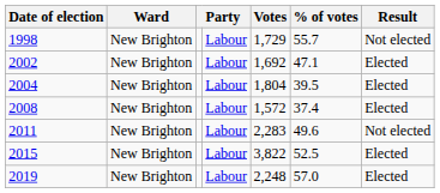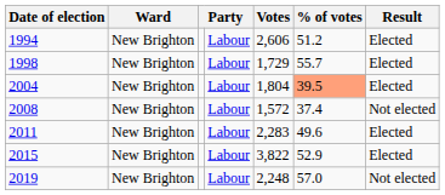 <table class="wikitable">
 <tr>
 <th>Date of election</th>
 <th>Ward</th>
 <th colspan="2">Party</th>
 <th>Votes</th>
 <th>% of votes</th>
 <th>Result</th>
 </tr>
 <tr>
+<td><a href='#'>1994</a></td>
+<td>New Brighton</td>
+<td style="background-color: "></td>
+<td><a href='#'>Labour</a></td>
+<td>2,606</td>
+<td>51.2</td>
+<td>Elected</td>
+</tr>
+<tr>
 <td><a href='#'>1998</a></td>
 <td>New Brighton</td>
 <td style="background-color: "></td>
 <td><a href='#'>Labour</a></td>
 <td>1,729</td>
 <td>55.7</td>
-<td>Not elected</td>
-</tr>
-<tr>
-<td><a href='#'>2002</a></td>
-<td>New Brighton</td>
-<td style="background-color: "></td>
-<td><a href='#'>Labour</a></td>
-<td>1,692</td>
-<td>47.1</td>
 <td>Elected</td>
 </tr>
 <tr>
 <td><a href='#'>2004</a></td>
 <td>New Brighton</td>
 <td style="background-color: "></td>
 <td><a href='#'>Labour</a></td>
 <td>1,804</td>
-<td>39.5</td>
+<td style="background: lightsalmon;">39.5</td>
 <td>Elected</td>
 </tr>
 <tr>
 <td><a href='#'>2008</a></td>
 <td>New Brighton</td>
 <td style="background-color: "></td>
 <td><a href='#'>Labour</a></td>
 <td>1,572</td>
 <td>37.4</td>
-<td>Elected</td>
+<td>Not elected</td>
 </tr>
 <tr>
 <td><a href='#'>2011</a></td>
 <td>New Brighton</td>
 <td style="background-color: "></td>
 <td><a href='#'>Labour</a></td>
 <td>2,283</td>
 <td>49.6</td>
-<td>Not elected</td>
+<td>Elected</td>
 </tr>
 <tr>
 <td><a href='#'>2015</a></td>
 <td>New Brighton</td>
 <td style="background-color: "></td>
 <td><a href='#'>Labour</a></td>
 <td>3,822</td>
-<td>52.5</td>
+<td>52.9</td>
 <td>Elected</td>
 </tr>
 <tr>
 <td><a href='#'>2019</a></td>
 <td>New Brighton</td>
 <td style="background-color: "></td>
 <td><a href='#'>Labour</a></td>
 <td>2,248</td>
 <td>57.0</td>
-<td>Elected</td>
+<td>Not elected</td>
 </tr>
 </table>
